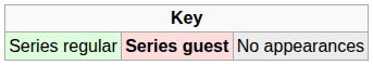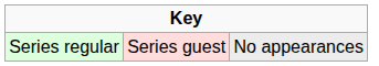 <table class="wikitable">
 <tr>
 <td colspan="3" align=center><strong>Key</strong></td>
 </tr>
 <tr>
 <td style="background: #dfd">Series regular</td>
-<td style="background: #fdd"><strong>Series guest</strong></td>
+<td style="background: #fdd">Series guest</td>
 <td style="background: #ececec">No appearances</td>
 </tr>
 </table>
